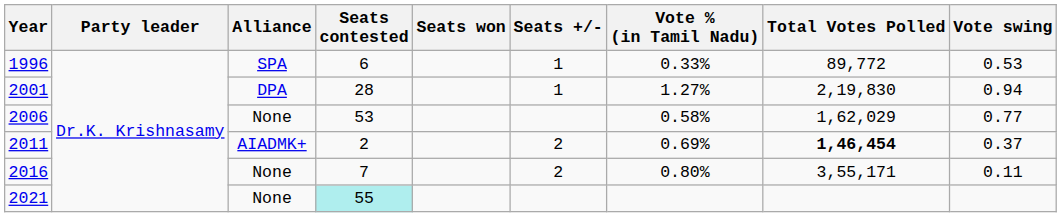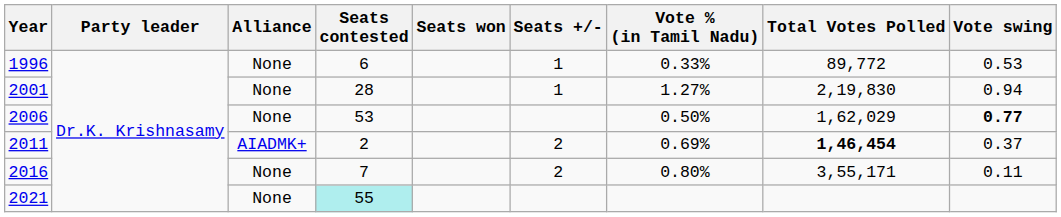 <table class="wikitable sortable">
 <tr>
 <th Style="background-color:">Year</th>
 <th Style="background-color:">Party leader</th>
 <th Style="background-color:">Alliance</th>
 <th Style="background-color:">Seats<br>contested</th>
 <th Style="background-color:">Seats won</th>
 <th Style="background-color:">Seats +/-</th>
 <th Style="background-color:">Vote %<br>(in Tamil Nadu)</th>
 <th Style="background-color:">Total Votes Polled</th>
 <th Style="background-color:">Vote swing</th>
 </tr>
 <tr style="text-align:center;">
 <td><a href='#'>1996</a></td>
 <td rowspan=6><a href='#'>Dr.K. Krishnasamy</a></td>
-<td><a href='#'>SPA</a></td>
+<td>None</td>
 <td>6</td>
 <td></td>
 <td>1</td>
 <td>0.33%</td>
 <td>89,772</td>
 <td>0.53</td>
 </tr>
 <tr style="text-align:center;">
 <td><a href='#'>2001</a></td>
-<td><a href='#'>DPA</a></td>
+<td>None</td>
 <td>28</td>
 <td></td>
 <td>1</td>
 <td>1.27%</td>
 <td>2,19,830</td>
 <td>0.94</td>
 </tr>
 <tr style="text-align:center;">
 <td><a href='#'>2006</a></td>
 <td>None</td>
 <td>53</td>
 <td></td>
 <td></td>
-<td>0.58%</td>
+<td>0.50%</td>
 <td>1,62,029</td>
-<td>0.77</td>
+<td><strong>0.77</strong></td>
 </tr>
 <tr style="text-align:center;">
 <td><a href='#'>2011</a></td>
 <td><a href='#'>AIADMK+</a></td>
 <td>2</td>
 <td></td>
 <td>2</td>
 <td>0.69%</td>
 <td><strong>1,46,454</strong></td>
 <td>0.37</td>
 </tr>
 <tr style="text-align:center;">
 <td><a href='#'>2016</a></td>
 <td>None</td>
 <td>7</td>
 <td></td>
 <td>2</td>
 <td>0.80%</td>
 <td>3,55,171</td>
 <td>0.11</td>
 </tr>
 <tr style="text-align:center;">
 <td><a href='#'>2021</a></td>
 <td>None</td>
 <td style="background: paleturquoise;">55</td>
 <td></td>
 <td></td>
 <td></td>
 <td></td>
 <td></td>
 </tr>
 </table>
